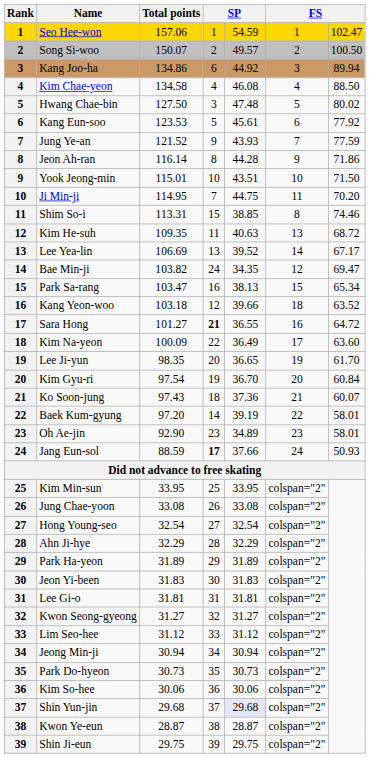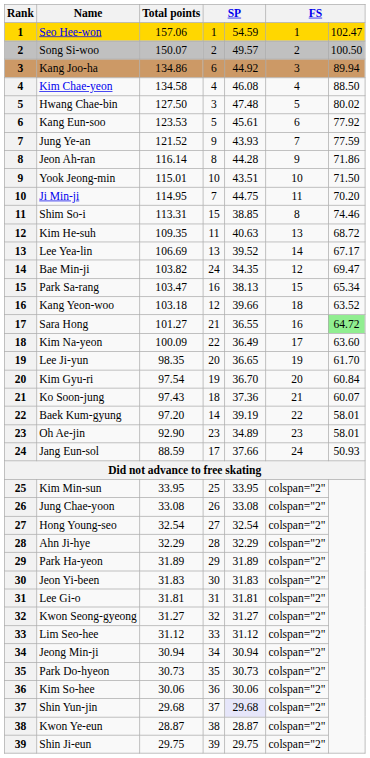 <table class="wikitable sortable">
 <tr>
 <th>Rank</th>
 <th>Name</th>
 <th>Total points</th>
 <th colspan="2" width="80px"><a href='#'>SP</a></th>
 <th colspan="2" width="80px"><a href='#'>FS</a></th>
 </tr>
 <tr bgcolor="gold">
 <td align="center"><strong>1</strong></td>
 <td><a href='#'>Seo Hee-won</a></td>
 <td align="center">157.06</td>
 <td align="center">1</td>
 <td align="center">54.59</td>
 <td align="center">1</td>
 <td align="center">102.47</td>
 </tr>
 <tr bgcolor="silver">
 <td align="center"><strong>2</strong></td>
 <td>Song Si-woo</td>
 <td align="center">150.07</td>
 <td align="center">2</td>
 <td align="center">49.57</td>
 <td align="center">2</td>
 <td align="center">100.50</td>
 </tr>
 <tr bgcolor="cc9966">
 <td align="center"><strong>3</strong></td>
 <td>Kang Joo-ha</td>
 <td align="center">134.86</td>
 <td align="center">6</td>
 <td align="center">44.92</td>
 <td align="center">3</td>
 <td align="center">89.94</td>
 </tr>
 <tr>
 <th>4</th>
 <td><a href='#'>Kim Chae-yeon</a></td>
 <td align="center">134.58</td>
 <td align="center">4</td>
 <td align="center">46.08</td>
 <td align="center">4</td>
 <td align="center">88.50</td>
 </tr>
 <tr>
 <th>5</th>
 <td>Hwang Chae-bin</td>
 <td align="center">127.50</td>
 <td align="center">3</td>
 <td align="center">47.48</td>
 <td align="center">5</td>
 <td align="center">80.02</td>
 </tr>
 <tr>
 <th>6</th>
 <td>Kang Eun-soo</td>
 <td align="center">123.53</td>
 <td align="center">5</td>
 <td align="center">45.61</td>
 <td align="center">6</td>
 <td align="center">77.92</td>
 </tr>
 <tr>
 <th>7</th>
 <td>Jung Ye-an</td>
 <td align="center">121.52</td>
 <td align="center">9</td>
 <td align="center">43.93</td>
 <td align="center">7</td>
 <td align="center">77.59</td>
 </tr>
 <tr>
 <th>8</th>
 <td>Jeon Ah-ran</td>
 <td align="center">116.14</td>
 <td align="center">8</td>
 <td align="center">44.28</td>
 <td align="center">9</td>
 <td align="center">71.86</td>
 </tr>
 <tr>
 <th>9</th>
 <td>Yook Jeong-min</td>
 <td align="center">115.01</td>
 <td align="center">10</td>
 <td align="center">43.51</td>
 <td align="center">10</td>
 <td align="center">71.50</td>
 </tr>
 <tr>
 <th>10</th>
 <td><a href='#'>Ji Min-ji</a></td>
 <td align="center">114.95</td>
 <td align="center">7</td>
 <td align="center">44.75</td>
 <td align="center">11</td>
 <td align="center">70.20</td>
 </tr>
 <tr>
 <th>11</th>
 <td>Shim So-i</td>
 <td align="center">113.31</td>
 <td align="center">15</td>
 <td align="center">38.85</td>
 <td align="center">8</td>
 <td align="center">74.46</td>
 </tr>
 <tr>
 <th>12</th>
 <td>Kim He-suh</td>
 <td align="center">109.35</td>
 <td align="center">11</td>
 <td align="center">40.63</td>
 <td align="center">13</td>
 <td align="center">68.72</td>
 </tr>
 <tr>
 <th>13</th>
 <td>Lee Yea-lin</td>
 <td align="center">106.69</td>
 <td align="center">13</td>
 <td align="center">39.52</td>
 <td align="center">14</td>
 <td align="center">67.17</td>
 </tr>
 <tr>
 <th>14</th>
 <td>Bae Min-ji</td>
 <td align="center">103.82</td>
 <td align="center">24</td>
 <td align="center">34.35</td>
 <td align="center">12</td>
 <td align="center">69.47</td>
 </tr>
 <tr>
 <th>15</th>
 <td>Park Sa-rang</td>
 <td align="center">103.47</td>
 <td align="center">16</td>
 <td align="center">38.13</td>
 <td align="center">15</td>
 <td align="center">65.34</td>
 </tr>
 <tr>
 <th>16</th>
 <td>Kang Yeon-woo</td>
 <td align="center">103.18</td>
 <td align="center">12</td>
 <td align="center">39.66</td>
 <td align="center">18</td>
 <td align="center">63.52</td>
 </tr>
 <tr>
 <th>17</th>
 <td>Sara Hong</td>
 <td align="center">101.27</td>
-<td align="center"><strong>21</strong></td>
+<td align="center">21</td>
 <td align="center">36.55</td>
 <td align="center">16</td>
-<td align="center">64.72</td>
+<td align="center" style="background: lightgreen;">64.72</td>
 </tr>
 <tr>
 <th>18</th>
 <td>Kim Na-yeon</td>
 <td align="center">100.09</td>
 <td align="center">22</td>
 <td align="center">36.49</td>
 <td align="center">17</td>
 <td align="center">63.60</td>
 </tr>
 <tr>
 <th>19</th>
 <td>Lee Ji-yun</td>
 <td align="center">98.35</td>
 <td align="center">20</td>
 <td align="center">36.65</td>
 <td align="center">19</td>
 <td align="center">61.70</td>
 </tr>
 <tr>
 <th>20</th>
 <td>Kim Gyu-ri</td>
 <td align="center">97.54</td>
 <td align="center">19</td>
 <td align="center">36.70</td>
 <td align="center">20</td>
 <td align="center">60.84</td>
 </tr>
 <tr>
 <th>21</th>
 <td>Ko Soon-jung</td>
 <td align="center">97.43</td>
 <td align="center">18</td>
 <td align="center">37.36</td>
 <td align="center">21</td>
 <td align="center">60.07</td>
 </tr>
 <tr>
 <th>22</th>
 <td>Baek Kum-gyung</td>
 <td align="center">97.20</td>
 <td align="center">14</td>
 <td align="center">39.19</td>
 <td align="center">22</td>
 <td align="center">58.01</td>
 </tr>
 <tr>
 <th>23</th>
 <td>Oh Ae-jin</td>
 <td align="center">92.90</td>
 <td align="center">23</td>
 <td align="center">34.89</td>
 <td align="center">23</td>
 <td align="center">58.01</td>
 </tr>
 <tr>
 <th>24</th>
 <td>Jang Eun-sol</td>
 <td align="center">88.59</td>
-<td align="center"><strong>17</strong></td>
+<td align="center">17</td>
 <td align="center">37.66</td>
 <td align="center">24</td>
 <td align="center">50.93</td>
 </tr>
 <tr>
 <th colspan="7">Did not advance to free skating</th>
 </tr>
 <tr>
 <th>25</th>
 <td>Kim Min-sun</td>
 <td align="center">33.95</td>
 <td align="center">25</td>
 <td align="center">33.95</td>
 <td>colspan="2" </td>
 </tr>
 <tr>
 <th>26</th>
 <td>Jung Chae-yoon</td>
 <td align="center">33.08</td>
 <td align="center">26</td>
 <td align="center">33.08</td>
 <td>colspan="2" </td>
 </tr>
 <tr>
 <th>27</th>
 <td>Hong Young-seo</td>
 <td align="center">32.54</td>
 <td align="center">27</td>
 <td align="center">32.54</td>
 <td>colspan="2" </td>
 </tr>
 <tr>
 <th>28</th>
 <td>Ahn Ji-hye</td>
 <td align="center">32.29</td>
 <td align="center">28</td>
 <td align="center">32.29</td>
 <td>colspan="2" </td>
 </tr>
 <tr>
 <th>29</th>
 <td>Park Ha-yeon</td>
 <td align="center">31.89</td>
 <td align="center">29</td>
 <td align="center">31.89</td>
 <td>colspan="2" </td>
 </tr>
 <tr>
 <th>30</th>
 <td>Jeon Yi-been</td>
 <td align="center">31.83</td>
 <td align="center">30</td>
 <td align="center">31.83</td>
 <td>colspan="2" </td>
 </tr>
 <tr>
 <th>31</th>
 <td>Lee Gi-o</td>
 <td align="center">31.81</td>
 <td align="center">31</td>
 <td align="center">31.81</td>
 <td>colspan="2" </td>
 </tr>
 <tr>
 <th>32</th>
 <td>Kwon Seong-gyeong</td>
 <td align="center">31.27</td>
 <td align="center">32</td>
 <td align="center">31.27</td>
 <td>colspan="2" </td>
 </tr>
 <tr>
 <th>33</th>
 <td>Lim Seo-hee</td>
 <td align="center">31.12</td>
 <td align="center">33</td>
 <td align="center">31.12</td>
 <td>colspan="2" </td>
 </tr>
 <tr>
 <th>34</th>
 <td>Jeong Min-ji</td>
 <td align="center">30.94</td>
 <td align="center">34</td>
 <td align="center">30.94</td>
 <td>colspan="2" </td>
 </tr>
 <tr>
 <th>35</th>
 <td>Park Do-hyeon</td>
 <td align="center">30.73</td>
 <td align="center">35</td>
 <td align="center">30.73</td>
 <td>colspan="2" </td>
 </tr>
 <tr>
 <th>36</th>
 <td>Kim So-hee</td>
 <td align="center">30.06</td>
 <td align="center">36</td>
 <td align="center">30.06</td>
 <td>colspan="2" </td>
 </tr>
 <tr>
 <th>37</th>
 <td>Shin Yun-jin</td>
 <td align="center">29.68</td>
 <td align="center">37</td>
 <td align="center" style="background: lavender;">29.68</td>
 <td>colspan="2" </td>
 </tr>
 <tr>
 <th>38</th>
 <td>Kwon Ye-eun</td>
 <td align="center">28.87</td>
 <td align="center">38</td>
 <td align="center">28.87</td>
 <td>colspan="2" </td>
 </tr>
 <tr>
 <th>39</th>
 <td>Shin Ji-eun</td>
 <td align="center">29.75</td>
 <td align="center">39</td>
 <td align="center">29.75</td>
 <td>colspan="2" </td>
 </tr>
 </table>
